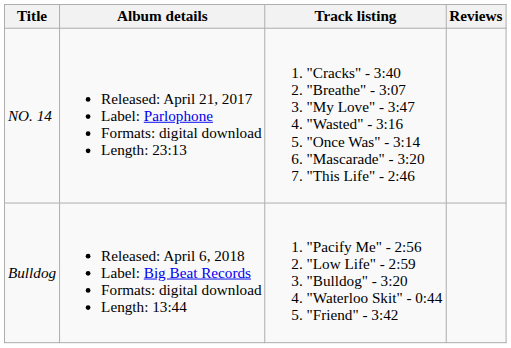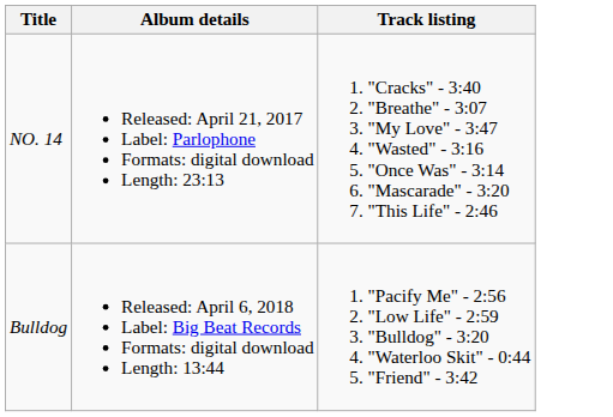 <table class="wikitable">
 <tr>
 <th>Title</th>
 <th>Album details</th>
 <th>Track listing</th>
-<th>Reviews</th>
 </tr>
 <tr>
 <td><em>NO. 14</em></td>
 <td><br><ul><li>Released: April 21, 2017</li><li>Label: <a href='#'>Parlophone</a></li><li>Formats: digital download</li><li>Length: 23:13</li></ul></td>
 <td><br><ol><li>"Cracks" - 3:40</li><li>"Breathe" - 3:07</li><li>"My Love" - 3:47</li><li>"Wasted" - 3:16</li><li>"Once Was" - 3:14</li><li>"Mascarade" - 3:20</li><li>"This Life" - 2:46</li></ol></td>
-<td><br></td>
 </tr>
 <tr>
 <td><em>Bulldog</em></td>
 <td><br><ul><li>Released: April 6, 2018</li><li>Label: <a href='#'>Big Beat Records</a></li><li>Formats: digital download</li><li>Length: 13:44</li></ul></td>
 <td><br><ol><li>"Pacify Me" - 2:56</li><li>"Low Life" - 2:59</li><li>"Bulldog" - 3:20</li><li>"Waterloo Skit" - 0:44</li><li>"Friend" - 3:42</li></ol></td>
-<td><br></td>
 </tr>
 </table>
